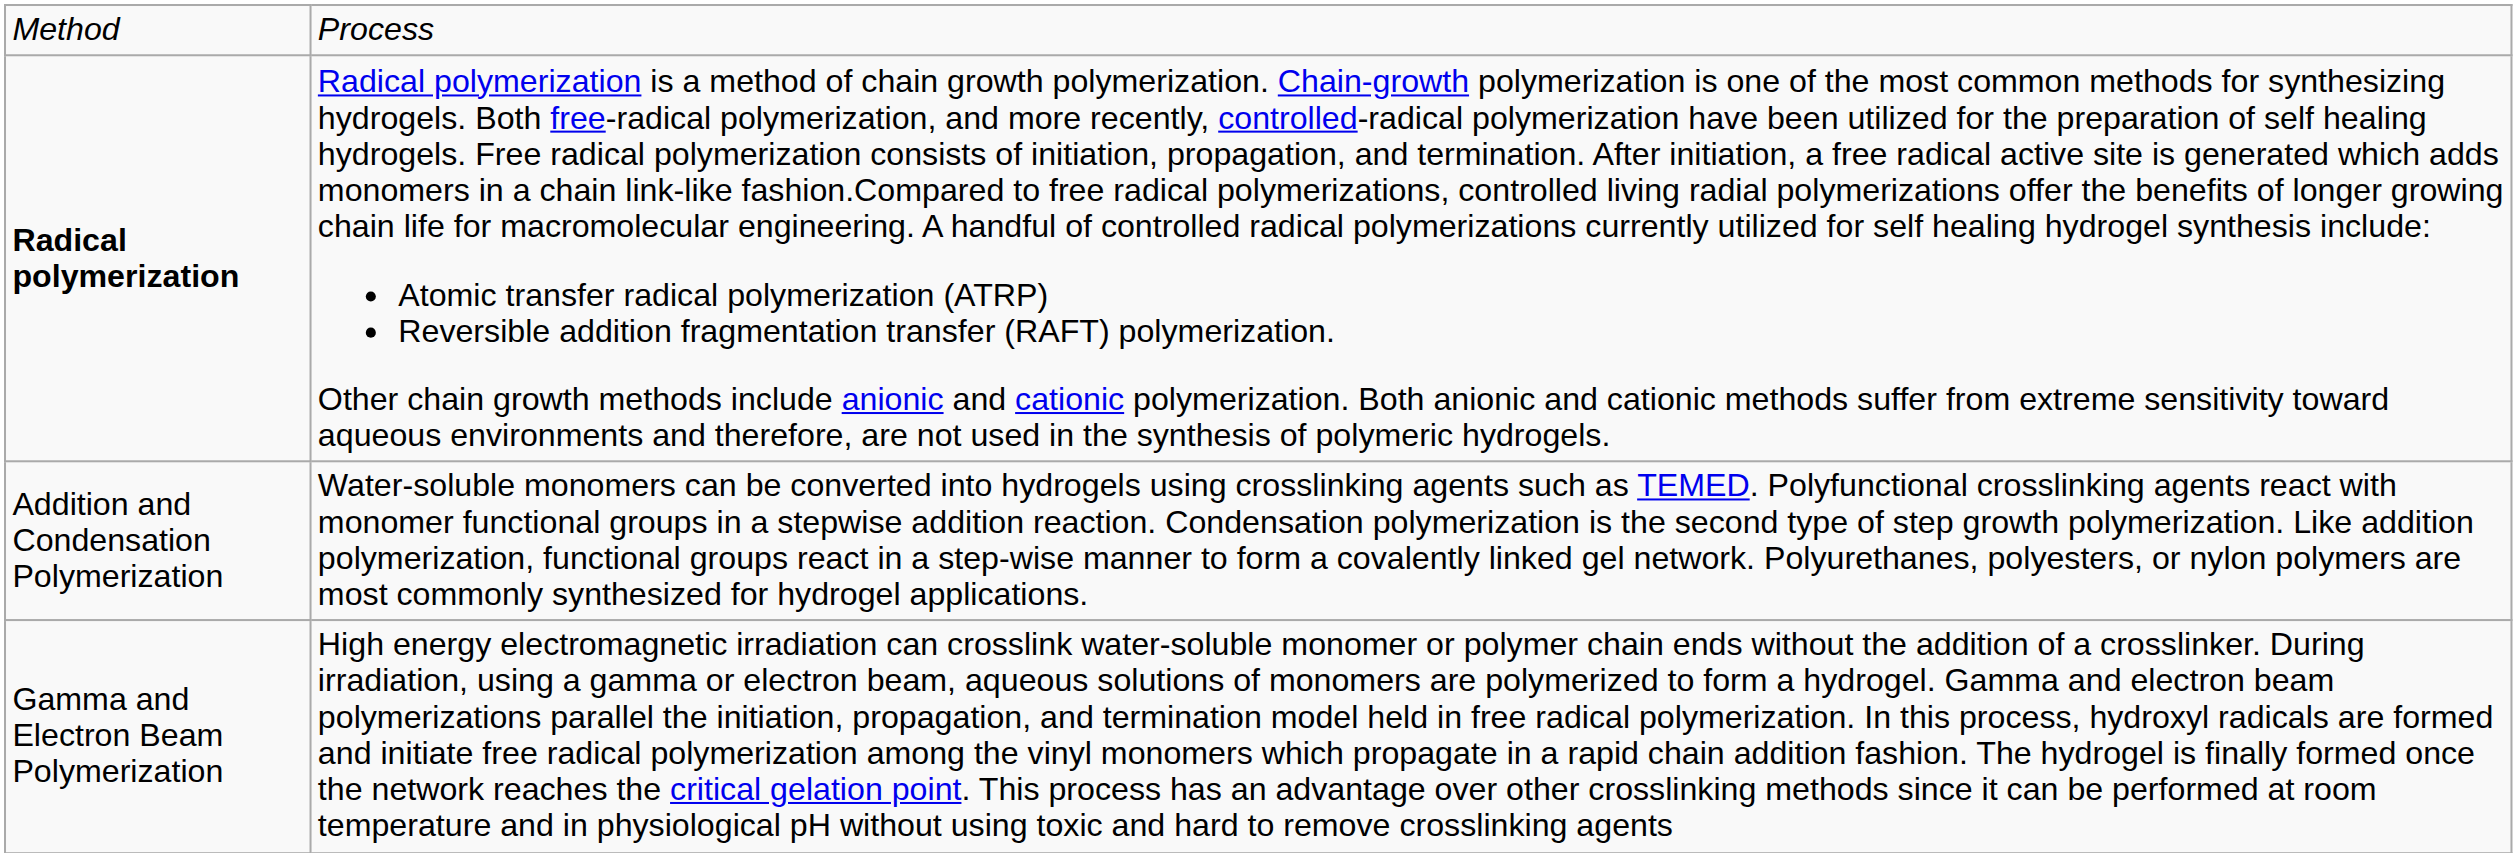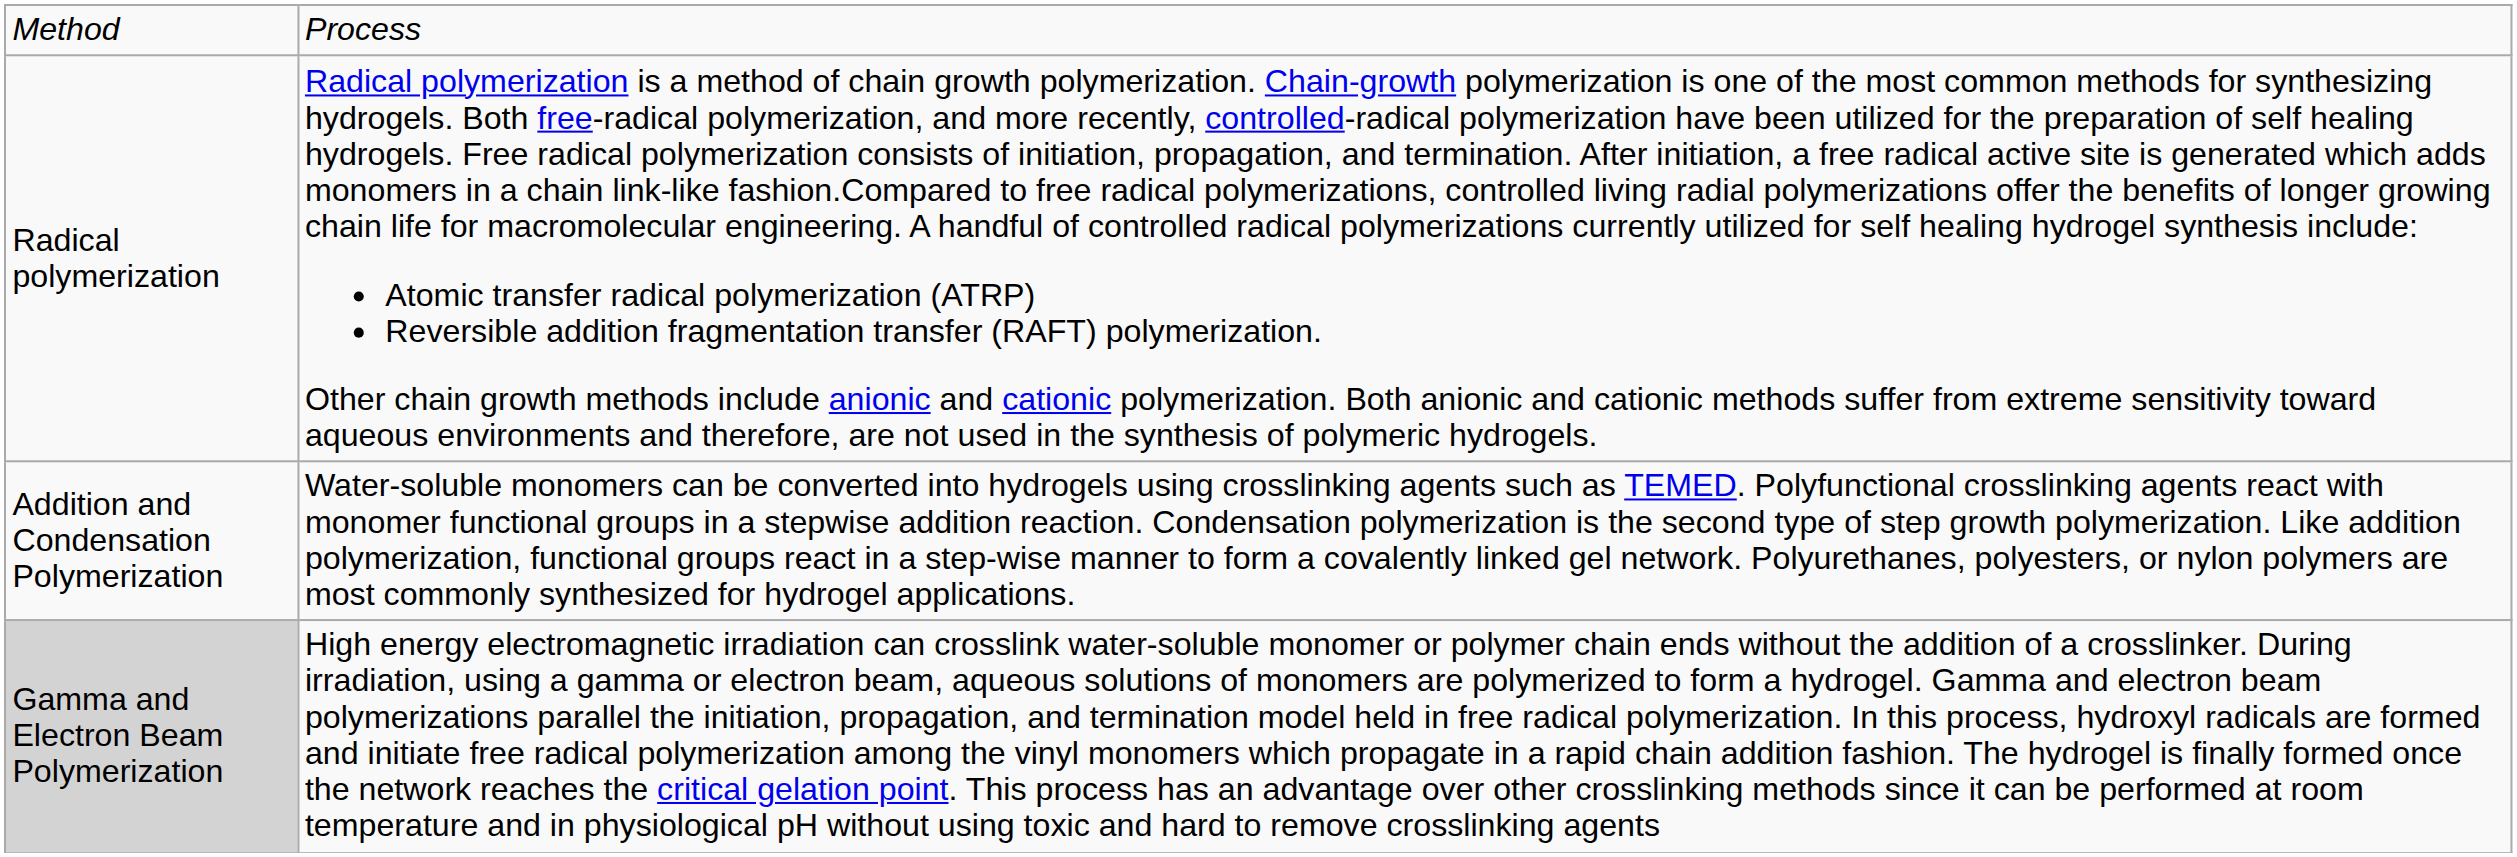 <table class="wikitable">
 <tr>
 <td><div><em>Method</em></div></td>
 <td><div><em>Process</em></div></td>
 </tr>
 <tr>
-<td><strong><div> Radical polymerization </div></strong></td>
+<td><div> Radical polymerization </div></td>
 <td><a href='#'>Radical polymerization</a> is a method of chain growth polymerization. <a href='#'>Chain-growth</a> polymerization is one of the most common methods for synthesizing hydrogels. Both <a href='#'>free</a>-radical polymerization, and more recently, <a href='#'>controlled</a>-radical polymerization have been utilized for the preparation of self healing hydrogels. Free radical polymerization consists of initiation, propagation, and termination. After initiation, a free radical active site is generated which adds monomers in a chain link-like fashion.Compared to free radical polymerizations, controlled living radial polymerizations offer the benefits of longer growing chain life for macromolecular engineering. A handful of controlled radical polymerizations currently utilized for self healing hydrogel synthesis include:<br><ul><li>Atomic transfer radical polymerization (ATRP)</li><li>Reversible addition fragmentation transfer (RAFT) polymerization.</li></ul>Other chain growth methods include <a href='#'>anionic</a> and <a href='#'>cationic</a> polymerization. Both anionic and cationic methods suffer from extreme sensitivity toward aqueous environments and therefore, are not used in the synthesis of polymeric hydrogels.</td>
 </tr>
 <tr>
 <td><div> Addition and Condensation Polymerization </div></td>
 <td> Water-soluble monomers can be converted into hydrogels using crosslinking agents such as <a href='#'>TEMED</a>. Polyfunctional crosslinking agents react with monomer functional groups in a stepwise addition reaction. Condensation polymerization is the second type of step growth polymerization. Like addition polymerization, functional groups react in a step-wise manner to form a covalently linked gel network. Polyurethanes, polyesters, or nylon polymers are most commonly synthesized for hydrogel applications.</td>
 </tr>
 <tr>
-<td><div> Gamma and Electron Beam Polymerization </div></td>
+<td style="background: lightgrey;"><div> Gamma and Electron Beam Polymerization </div></td>
 <td>High energy electromagnetic irradiation can crosslink water-soluble monomer or polymer chain ends without the addition of a crosslinker. During irradiation, using a gamma or electron beam, aqueous solutions of monomers are polymerized to form a hydrogel. Gamma and electron beam polymerizations parallel the initiation, propagation, and termination model held in free radical polymerization. In this process, hydroxyl radicals are formed and initiate free radical polymerization among the vinyl monomers which propagate in a rapid chain addition fashion. The hydrogel is finally formed once the network reaches the <a href='#'>critical gelation point</a>. This process has an advantage over other crosslinking methods since it can be performed at room temperature and in physiological pH without using toxic and hard to remove crosslinking agents</td>
 </tr>
 </table>
